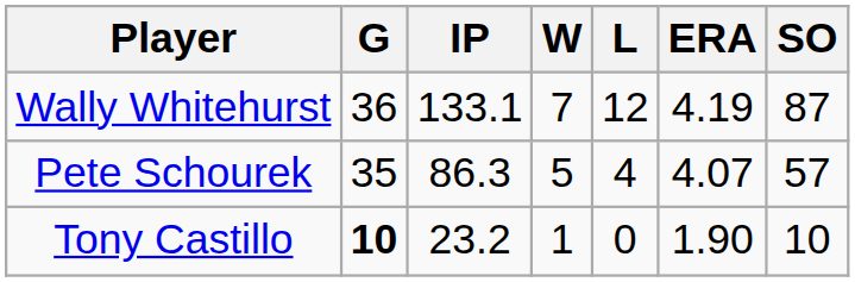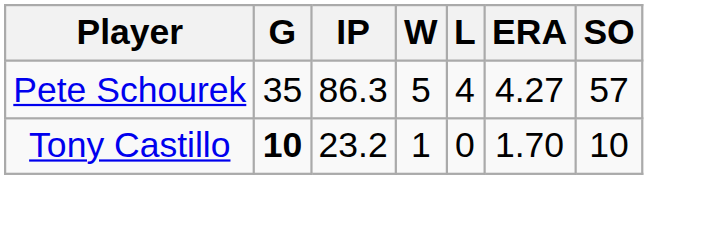 <table class="wikitable sortable">
 <tr>
 <th>Player</th>
 <th>G</th>
 <th>IP</th>
 <th>W</th>
 <th>L</th>
 <th>ERA</th>
 <th>SO</th>
 </tr>
-<tr align="center">
-<td><a href='#'>Wally Whitehurst</a></td>
-<td>36</td>
-<td>133.1</td>
-<td>7</td>
-<td>12</td>
-<td>4.19</td>
-<td>87</td>
-</tr>
 <tr align=center>
 <td><a href='#'>Pete Schourek</a></td>
 <td>35</td>
 <td>86.3</td>
 <td>5</td>
 <td>4</td>
-<td>4.07</td>
+<td>4.27</td>
 <td>57</td>
 </tr>
 <tr align=center>
 <td><a href='#'>Tony Castillo</a></td>
 <td><strong>10</strong></td>
 <td>23.2</td>
 <td>1</td>
 <td>0</td>
-<td>1.90</td>
+<td>1.70</td>
 <td>10</td>
 </tr>
 </table>
